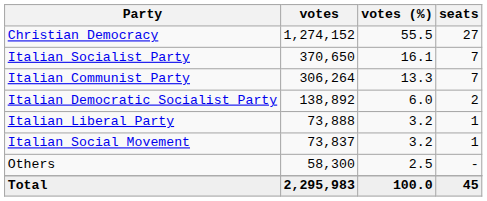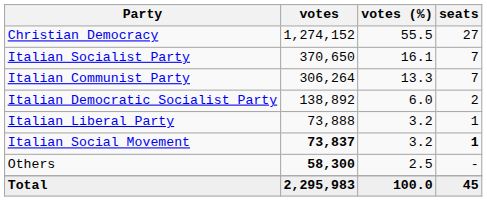 <table class="wikitable" style="font-size:95%">
 <tr bgcolor="EFEFEF">
 <th>Party</th>
 <th>votes</th>
 <th>votes (%)</th>
 <th>seats</th>
 </tr>
 <tr>
 <td><a href='#'>Christian Democracy</a></td>
 <td align=right>1,274,152</td>
 <td align=right>55.5</td>
 <td align=right>27</td>
 </tr>
 <tr>
 <td><a href='#'>Italian Socialist Party</a></td>
 <td align=right>370,650</td>
 <td align=right>16.1</td>
 <td align=right>7</td>
 </tr>
 <tr>
 <td><a href='#'>Italian Communist Party</a></td>
 <td align=right>306,264</td>
 <td align=right>13.3</td>
 <td align=right>7</td>
 </tr>
 <tr>
 <td><a href='#'>Italian Democratic Socialist Party</a></td>
 <td align=right>138,892</td>
 <td align=right>6.0</td>
 <td align=right>2</td>
 </tr>
 <tr>
 <td><a href='#'>Italian Liberal Party</a></td>
 <td align=right>73,888</td>
 <td align=right>3.2</td>
 <td align=right>1</td>
 </tr>
 <tr>
 <td><a href='#'>Italian Social Movement</a></td>
-<td align=right>73,837</td>
+<td align=right><strong>73,837</strong></td>
 <td align=right>3.2</td>
-<td align=right>1</td>
+<td align=right><strong>1</strong></td>
 </tr>
 <tr>
 <td>Others</td>
-<td align=right>58,300</td>
+<td align=right><strong>58,300</strong></td>
 <td align=right>2.5</td>
 <td align=right>-</td>
 </tr>
 <tr>
 </tr>
 <tr bgcolor="EFEFEF">
 <td><strong>Total</strong></td>
 <td align=right><strong>2,295,983</strong></td>
 <td align=right><strong>100.0</strong></td>
 <td align=right><strong>45</strong></td>
 </tr>
 </table>
